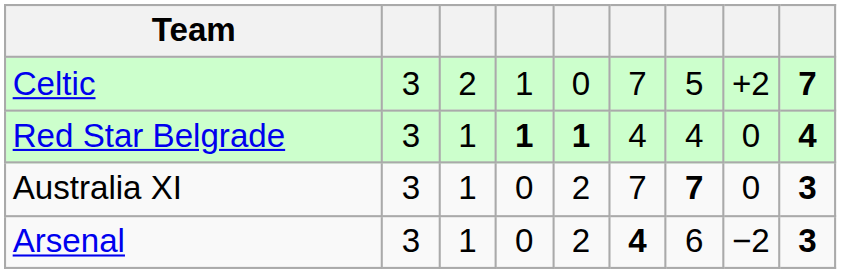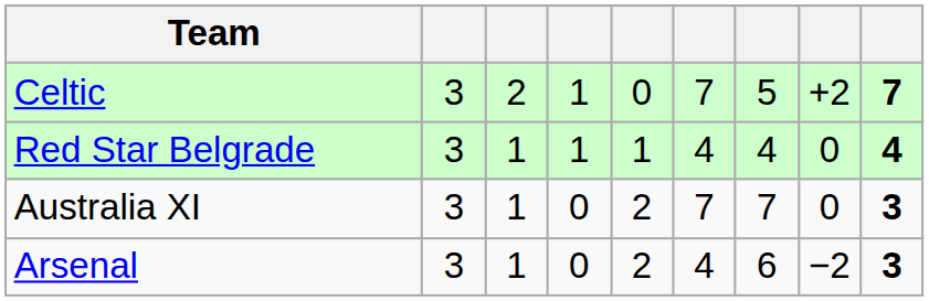 <table class="wikitable" style="text-align:center;">
 <tr>
 <th width=175>Team</th>
 <th width=20 abbr="Played"></th>
 <th width=20 abbr="Won"></th>
 <th width=20 abbr="Drawn"></th>
 <th width=20 abbr="Lost"></th>
 <th width=20 abbr="Goals for"></th>
 <th width=20 abbr="Goals against"></th>
 <th width=20 abbr="Goal difference"></th>
 <th width=20 abbr="Points"></th>
 </tr>
 <tr bgcolor=#ccffcc>
 <td align="left"> <a href='#'>Celtic</a></td>
 <td>3</td>
 <td>2</td>
 <td>1</td>
 <td>0</td>
 <td>7</td>
 <td>5</td>
 <td>+2</td>
 <td><strong>7</strong></td>
 </tr>
 <tr bgcolor=#ccffcc>
 <td align="left"> <a href='#'>Red Star Belgrade</a></td>
 <td>3</td>
 <td>1</td>
-<td><strong>1</strong></td>
-<td><strong>1</strong></td>
+<td>1</td>
+<td>1</td>
 <td>4</td>
 <td>4</td>
 <td>0</td>
 <td><strong>4</strong></td>
 </tr>
 <tr>
 <td align="left"> Australia XI</td>
 <td>3</td>
 <td>1</td>
 <td>0</td>
 <td>2</td>
 <td>7</td>
-<td><strong>7</strong></td>
+<td>7</td>
 <td>0</td>
 <td><strong>3</strong></td>
 </tr>
 <tr>
 <td align="left"> <a href='#'>Arsenal</a></td>
 <td>3</td>
 <td>1</td>
 <td>0</td>
 <td>2</td>
-<td><strong>4</strong></td>
+<td>4</td>
 <td>6</td>
 <td>−2</td>
 <td><strong>3</strong></td>
 </tr>
 </table>
